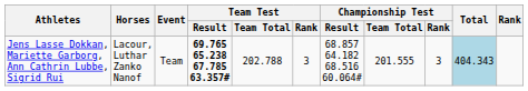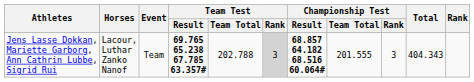 <table class=wikitable style="font-size:90%">
 <tr>
 <th rowspan="2">Athletes</th>
 <th rowspan="2">Horses</th>
 <th rowspan="2">Event</th>
 <th colspan="3">Team Test</th>
 <th colspan="3">Championship Test</th>
 <th rowspan="2">Total</th>
 <th rowspan="2">Rank</th>
 </tr>
 <tr>
 <th>Result</th>
 <th>Team Total</th>
 <th>Rank</th>
 <th>Result</th>
 <th>Team Total</th>
 <th>Rank</th>
 </tr>
 <tr>
 <td><a href='#'>Jens Lasse Dokkan</a>,<br><a href='#'>Mariette Garborg</a>,<br><a href='#'>Ann Cathrin Lubbe</a>,<br><a href='#'>Sigrid Rui</a></td>
 <td>Lacour,<br>Luthar<br>Zanko<br>Nanof</td>
 <td align="center">Team</td>
 <td align="center"><strong>69.765<br>65.238<br>67.785<br>63.357#</strong></td>
 <td align="center">202.788</td>
-<td align="center">3</td>
-<td align="center">68.857<br>64.182<br>68.516<br>60.064#</td>
+<td align="center" style="background: lightgrey;">3</td>
+<td align="center"><strong>68.857<br>64.182<br>68.516<br>60.064#</strong></td>
 <td align="center">201.555</td>
 <td align="center">3</td>
-<td align="center" style="background: lightblue;">404.343</td>
+<td align="center">404.343</td>
 <td align="center"></td>
 </tr>
 </table>
